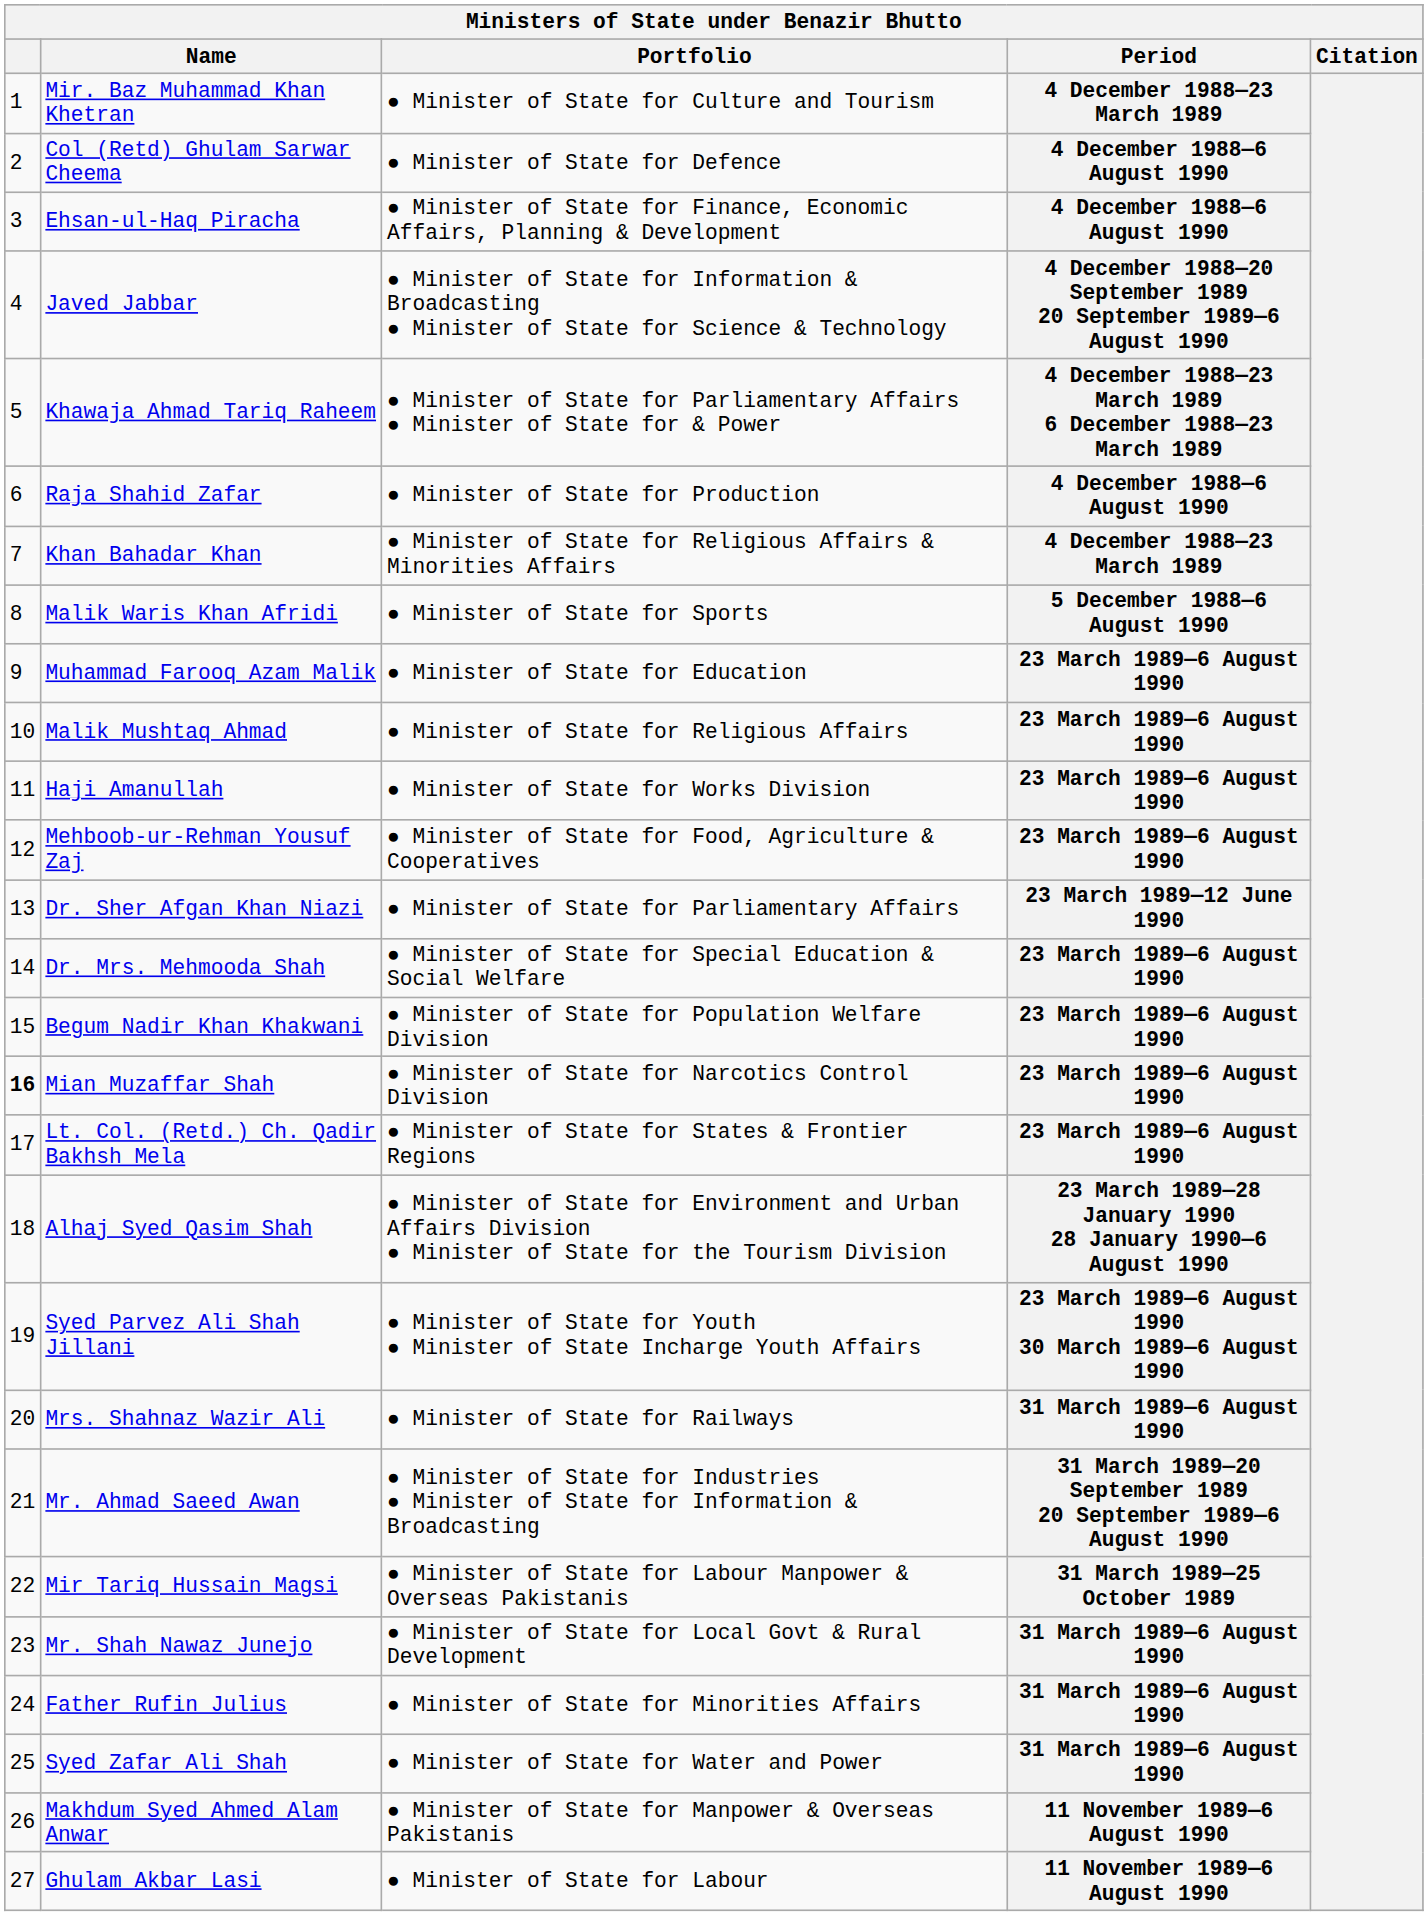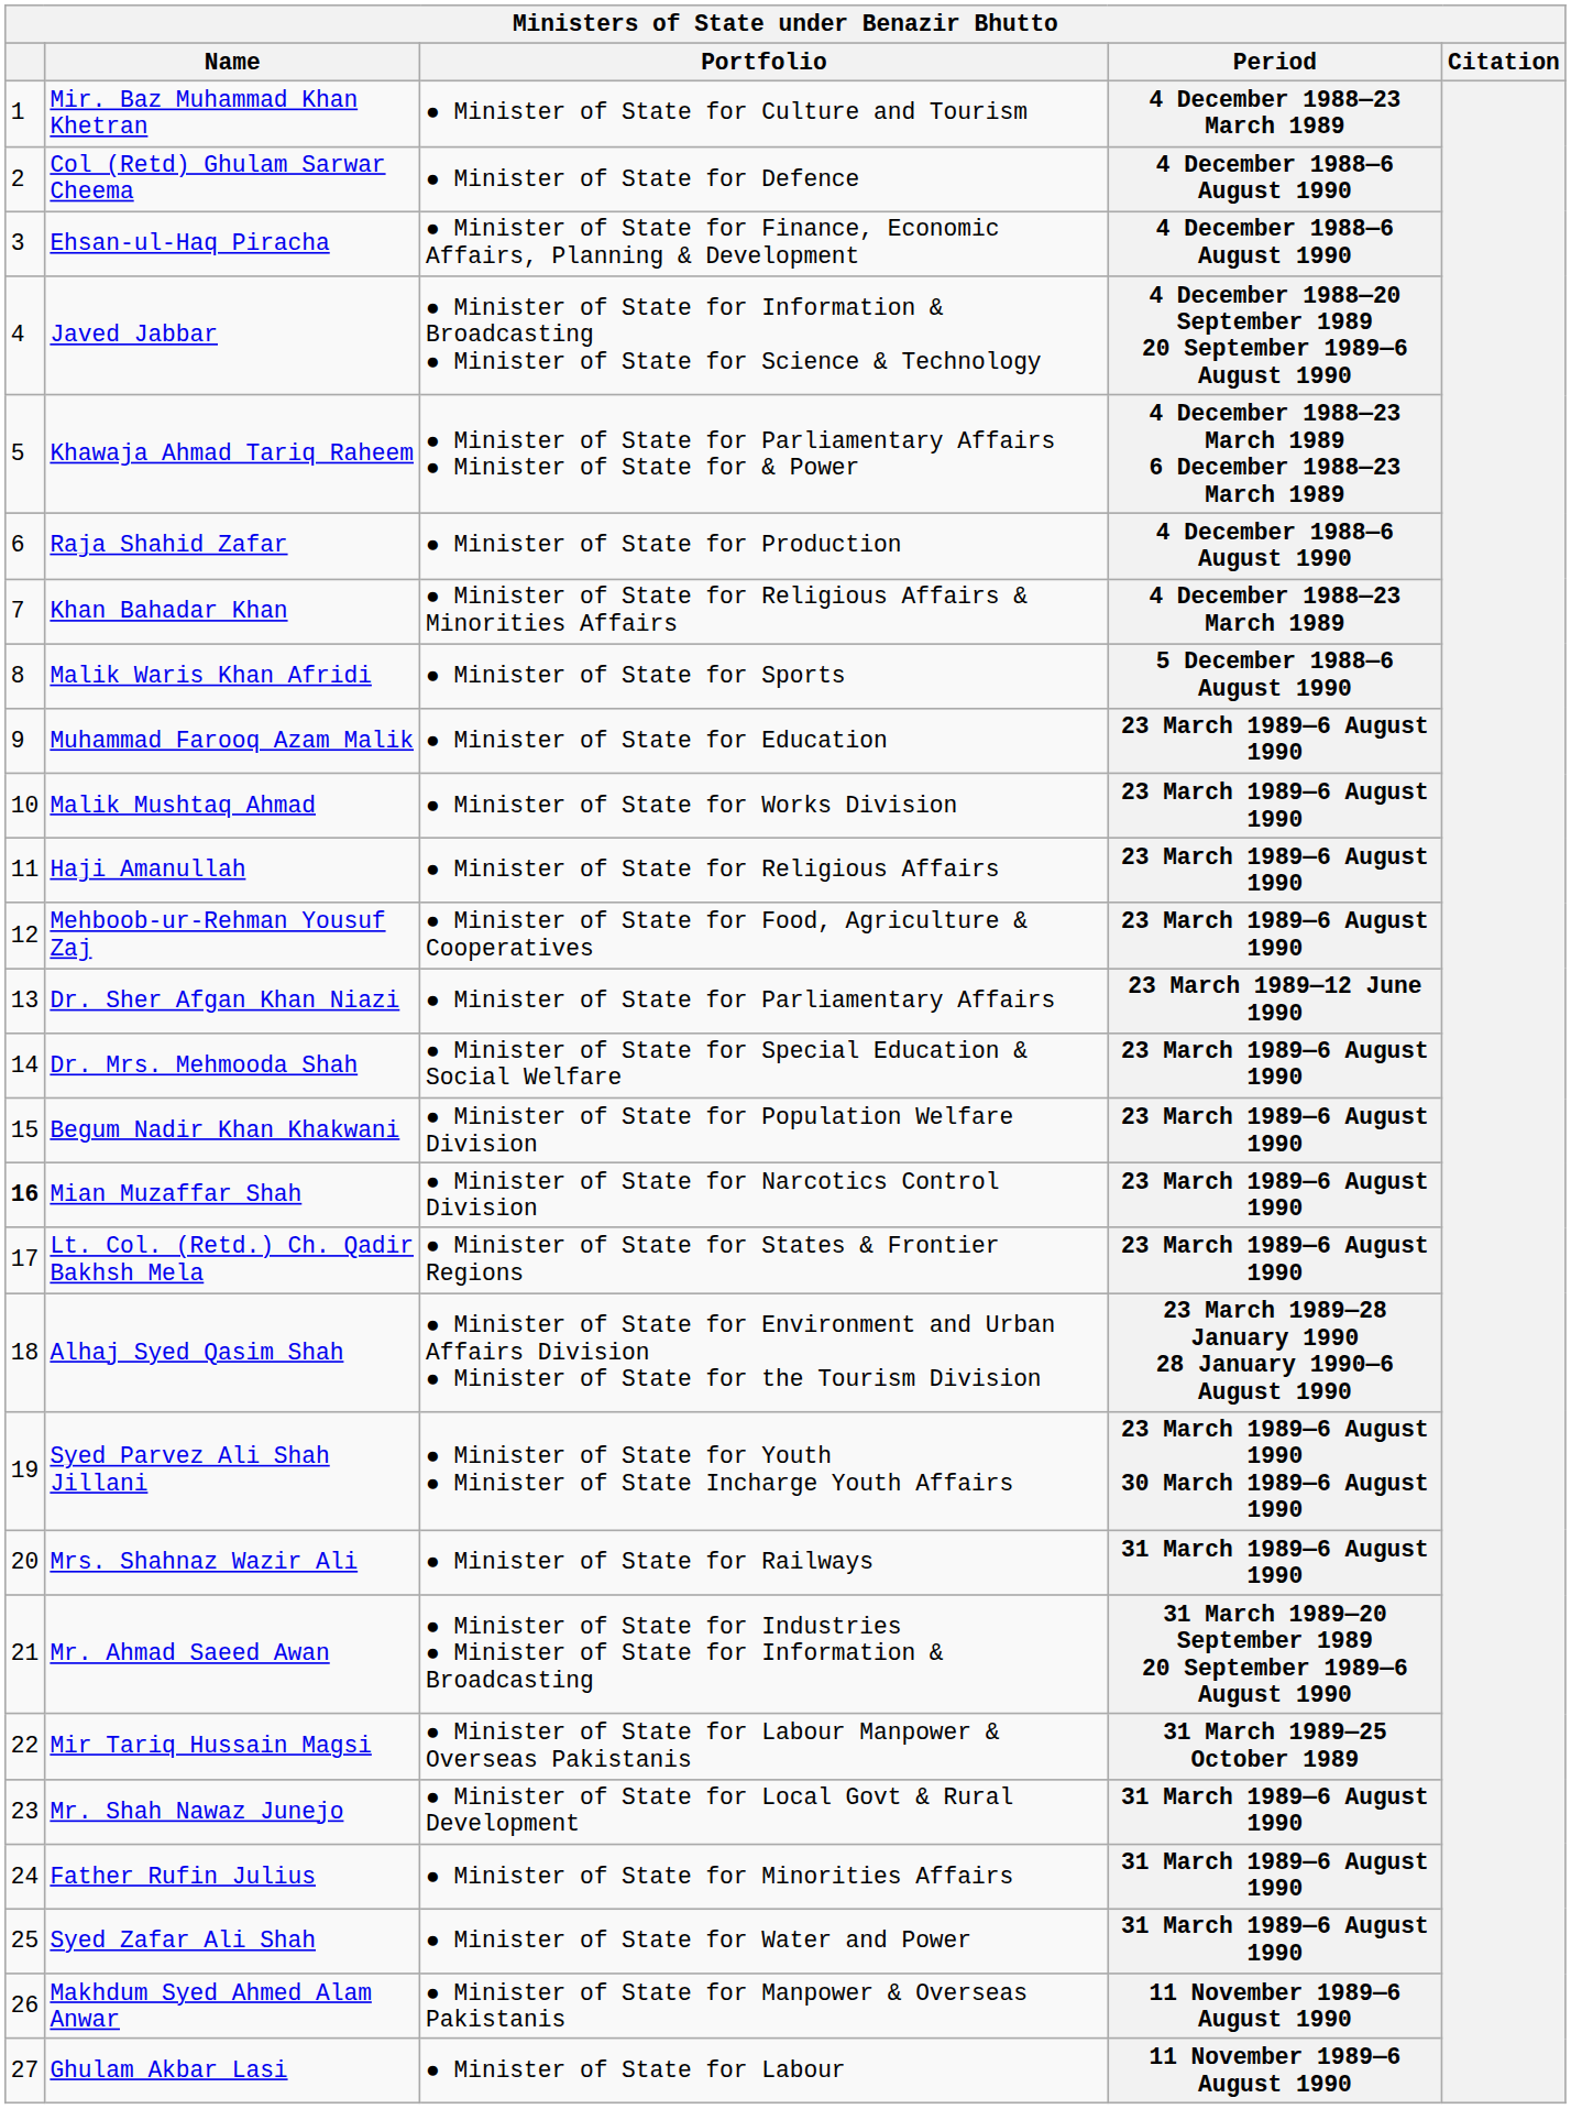 <table class="wikitable sortable">
 <tr>
 <th colspan="5">Ministers of State under Benazir Bhutto</th>
 </tr>
 <tr>
 <th></th>
 <th>Name</th>
 <th>Portfolio</th>
 <th>Period</th>
 <th>Citation</th>
 </tr>
 <tr>
 <td>1</td>
 <td><a href='#'>Mir. Baz Muhammad Khan Khetran</a></td>
 <td>● Minister of State for Culture and Tourism</td>
 <th>4 December 1988—23 March 1989</th>
 <th rowspan="27"></th>
 </tr>
 <tr>
 <td>2</td>
 <td><a href='#'>Col (Retd) Ghulam Sarwar Cheema</a></td>
 <td>● Minister of State for Defence</td>
 <th>4 December 1988—6 August 1990</th>
 </tr>
 <tr>
 <td>3</td>
 <td><a href='#'>Ehsan-ul-Haq Piracha</a></td>
 <td>● Minister of State for Finance, Economic Affairs, Planning & Development</td>
 <th>4 December 1988—6 August 1990</th>
 </tr>
 <tr>
 <td>4</td>
 <td><a href='#'>Javed Jabbar</a></td>
 <td>● Minister of State for Information & Broadcasting<br>● Minister of State for Science & Technology</td>
 <th>4 December 1988—20 September 1989<br>20 September 1989—6 August 1990</th>
 </tr>
 <tr>
 <td>5</td>
 <td><a href='#'>Khawaja Ahmad Tariq Raheem</a></td>
 <td>● Minister of State for Parliamentary Affairs<br>● Minister of State for & Power</td>
 <th>4 December 1988—23 March 1989<br>6 December 1988—23 March 1989</th>
 </tr>
 <tr>
 <td>6</td>
 <td><a href='#'>Raja Shahid Zafar</a></td>
 <td>● Minister of State for Production</td>
 <th>4 December 1988—6 August 1990</th>
 </tr>
 <tr>
 <td>7</td>
 <td><a href='#'>Khan Bahadar Khan</a></td>
 <td>● Minister of State for Religious Affairs & Minorities Affairs</td>
 <th>4 December 1988—23 March 1989</th>
 </tr>
 <tr>
 <td>8</td>
 <td><a href='#'>Malik Waris Khan Afridi</a></td>
 <td>● Minister of State for Sports</td>
 <th>5 December 1988—6 August 1990</th>
 </tr>
 <tr>
 <td>9</td>
 <td><a href='#'>Muhammad Farooq Azam Malik</a></td>
 <td>● Minister of State for Education</td>
 <th>23 March 1989—6 August 1990</th>
 </tr>
 <tr>
 <td>10</td>
 <td><a href='#'>Malik Mushtaq Ahmad</a></td>
-<td>● Minister of State for Religious Affairs</td>
+<td>● Minister of State for Works Division</td>
 <th>23 March 1989—6 August 1990</th>
 </tr>
 <tr>
 <td>11</td>
 <td><a href='#'>Haji Amanullah</a></td>
-<td>● Minister of State for Works Division</td>
+<td>● Minister of State for Religious Affairs</td>
 <th>23 March 1989—6 August 1990</th>
 </tr>
 <tr>
 <td>12</td>
 <td><a href='#'>Mehboob-ur-Rehman Yousuf Zaj</a></td>
 <td>● Minister of State for Food, Agriculture & Cooperatives</td>
 <th>23 March 1989—6 August 1990</th>
 </tr>
 <tr>
 <td>13</td>
 <td><a href='#'>Dr. Sher Afgan Khan Niazi</a></td>
 <td>● Minister of State for Parliamentary Affairs</td>
 <th>23 March 1989—12 June 1990</th>
 </tr>
 <tr>
 <td>14</td>
 <td><a href='#'>Dr. Mrs. Mehmooda Shah</a></td>
 <td>● Minister of State for Special Education & Social Welfare</td>
 <th>23 March 1989—6 August 1990</th>
 </tr>
 <tr>
 <td>15</td>
 <td><a href='#'>Begum Nadir Khan Khakwani</a></td>
 <td>● Minister of State for Population Welfare Division</td>
 <th>23 March 1989—6 August 1990</th>
 </tr>
 <tr>
 <td><strong>16</strong></td>
 <td><a href='#'>Mian Muzaffar Shah</a></td>
 <td>● Minister of State for Narcotics Control Division</td>
 <th>23 March 1989—6 August 1990</th>
 </tr>
 <tr>
 <td>17</td>
 <td><a href='#'>Lt. Col. (Retd.) Ch. Qadir Bakhsh Mela</a></td>
 <td>● Minister of State for States & Frontier Regions</td>
 <th>23 March 1989—6 August 1990</th>
 </tr>
 <tr>
 <td>18</td>
 <td><a href='#'>Alhaj Syed Qasim Shah</a></td>
 <td>● Minister of State for Environment and Urban Affairs Division<br>● Minister of State for the Tourism Division</td>
 <th>23 March 1989—28 January 1990<br>28 January 1990—6 August 1990</th>
 </tr>
 <tr>
 <td>19</td>
 <td><a href='#'>Syed Parvez Ali Shah Jillani</a></td>
 <td>● Minister of State for Youth<br>● Minister of State Incharge Youth Affairs</td>
 <th>23 March 1989—6 August 1990<br>30 March 1989—6 August 1990</th>
 </tr>
 <tr>
 <td>20</td>
 <td><a href='#'>Mrs. Shahnaz Wazir Ali</a></td>
 <td>● Minister of State for Railways</td>
 <th>31 March 1989—6 August 1990</th>
 </tr>
 <tr>
 <td>21</td>
 <td><a href='#'>Mr. Ahmad Saeed Awan</a></td>
 <td>● Minister of State for Industries<br>● Minister of State for Information & Broadcasting</td>
 <th>31 March 1989—20 September 1989<br>20 September 1989—6 August 1990</th>
 </tr>
 <tr>
 <td>22</td>
 <td><a href='#'>Mir Tariq Hussain Magsi</a></td>
 <td>● Minister of State for Labour Manpower & Overseas Pakistanis</td>
 <th>31 March 1989—25 October 1989</th>
 </tr>
 <tr>
 <td>23</td>
 <td><a href='#'>Mr. Shah Nawaz Junejo</a></td>
 <td>● Minister of State for Local Govt & Rural Development</td>
 <th>31 March 1989—6 August 1990</th>
 </tr>
 <tr>
 <td>24</td>
 <td><a href='#'>Father Rufin Julius</a></td>
 <td>● Minister of State for Minorities Affairs</td>
 <th>31 March 1989—6 August 1990</th>
 </tr>
 <tr>
 <td>25</td>
 <td><a href='#'>Syed Zafar Ali Shah</a></td>
 <td>● Minister of State for Water and Power</td>
 <th>31 March 1989—6 August 1990</th>
 </tr>
 <tr>
 <td>26</td>
 <td><a href='#'>Makhdum Syed Ahmed Alam Anwar</a></td>
 <td>● Minister of State for Manpower & Overseas Pakistanis</td>
 <th>11 November 1989—6 August 1990</th>
 </tr>
 <tr>
 <td>27</td>
 <td><a href='#'>Ghulam Akbar Lasi</a></td>
 <td>● Minister of State for Labour</td>
 <th>11 November 1989—6 August 1990</th>
 </tr>
 </table>
